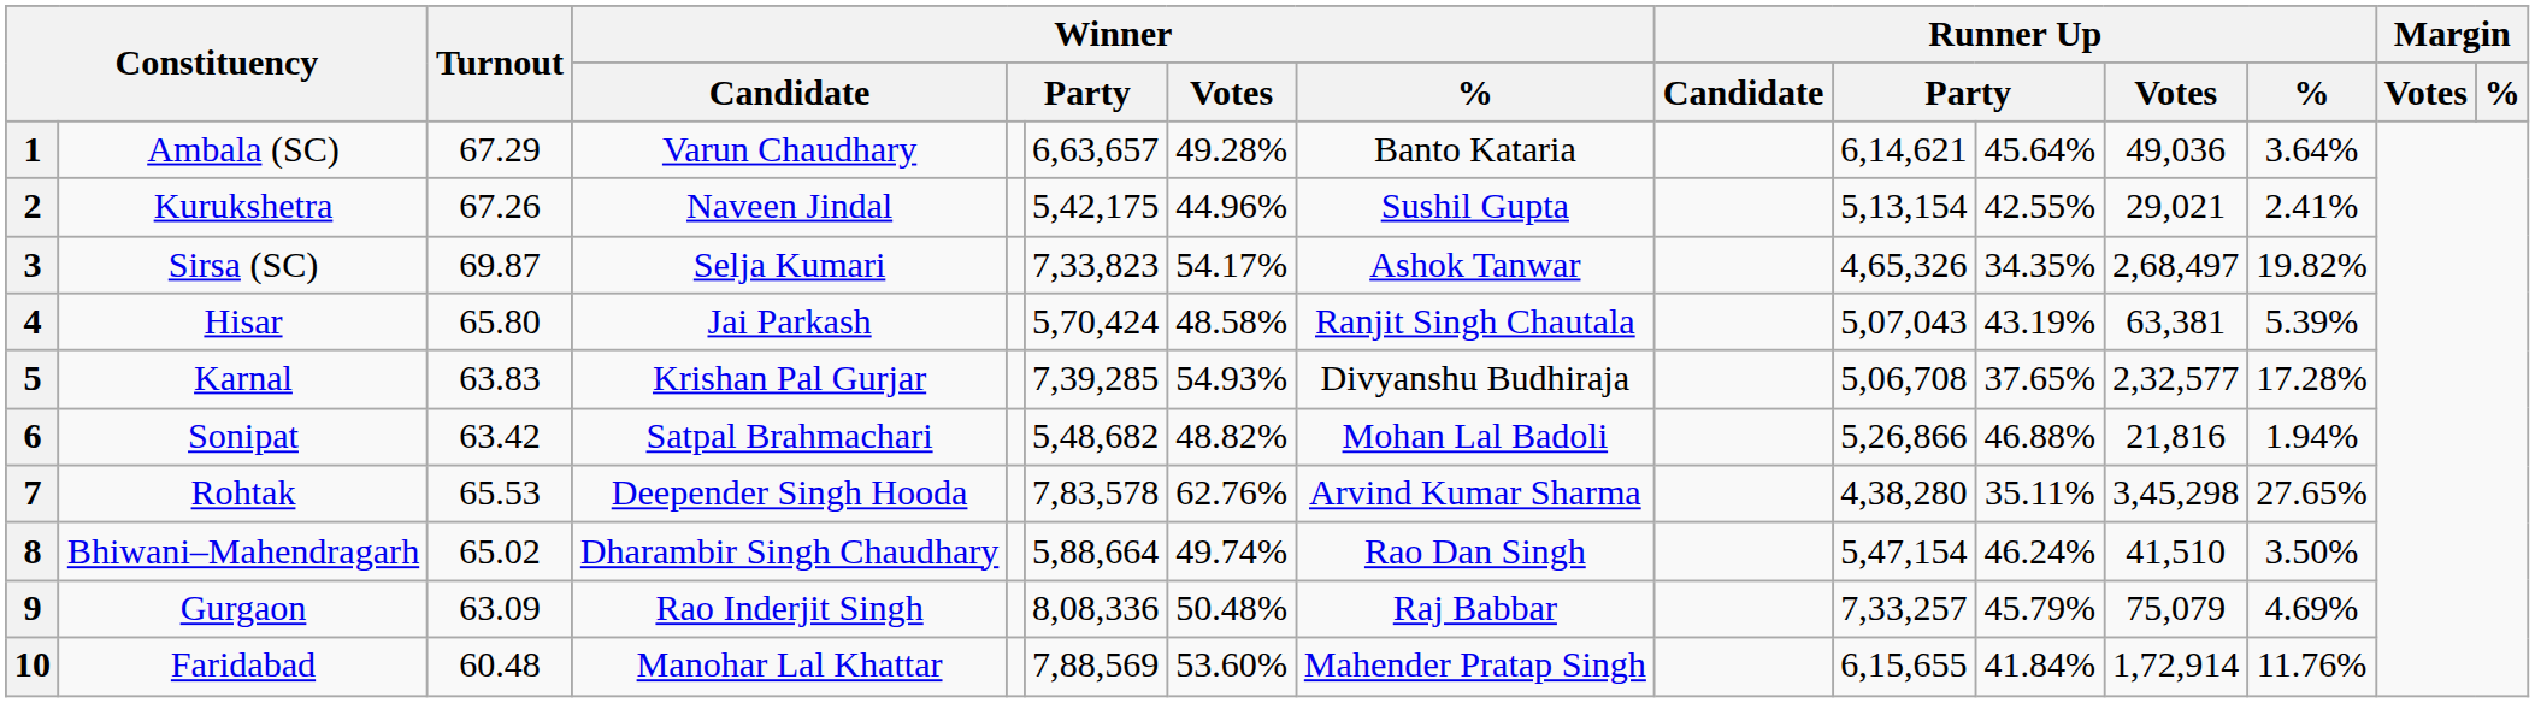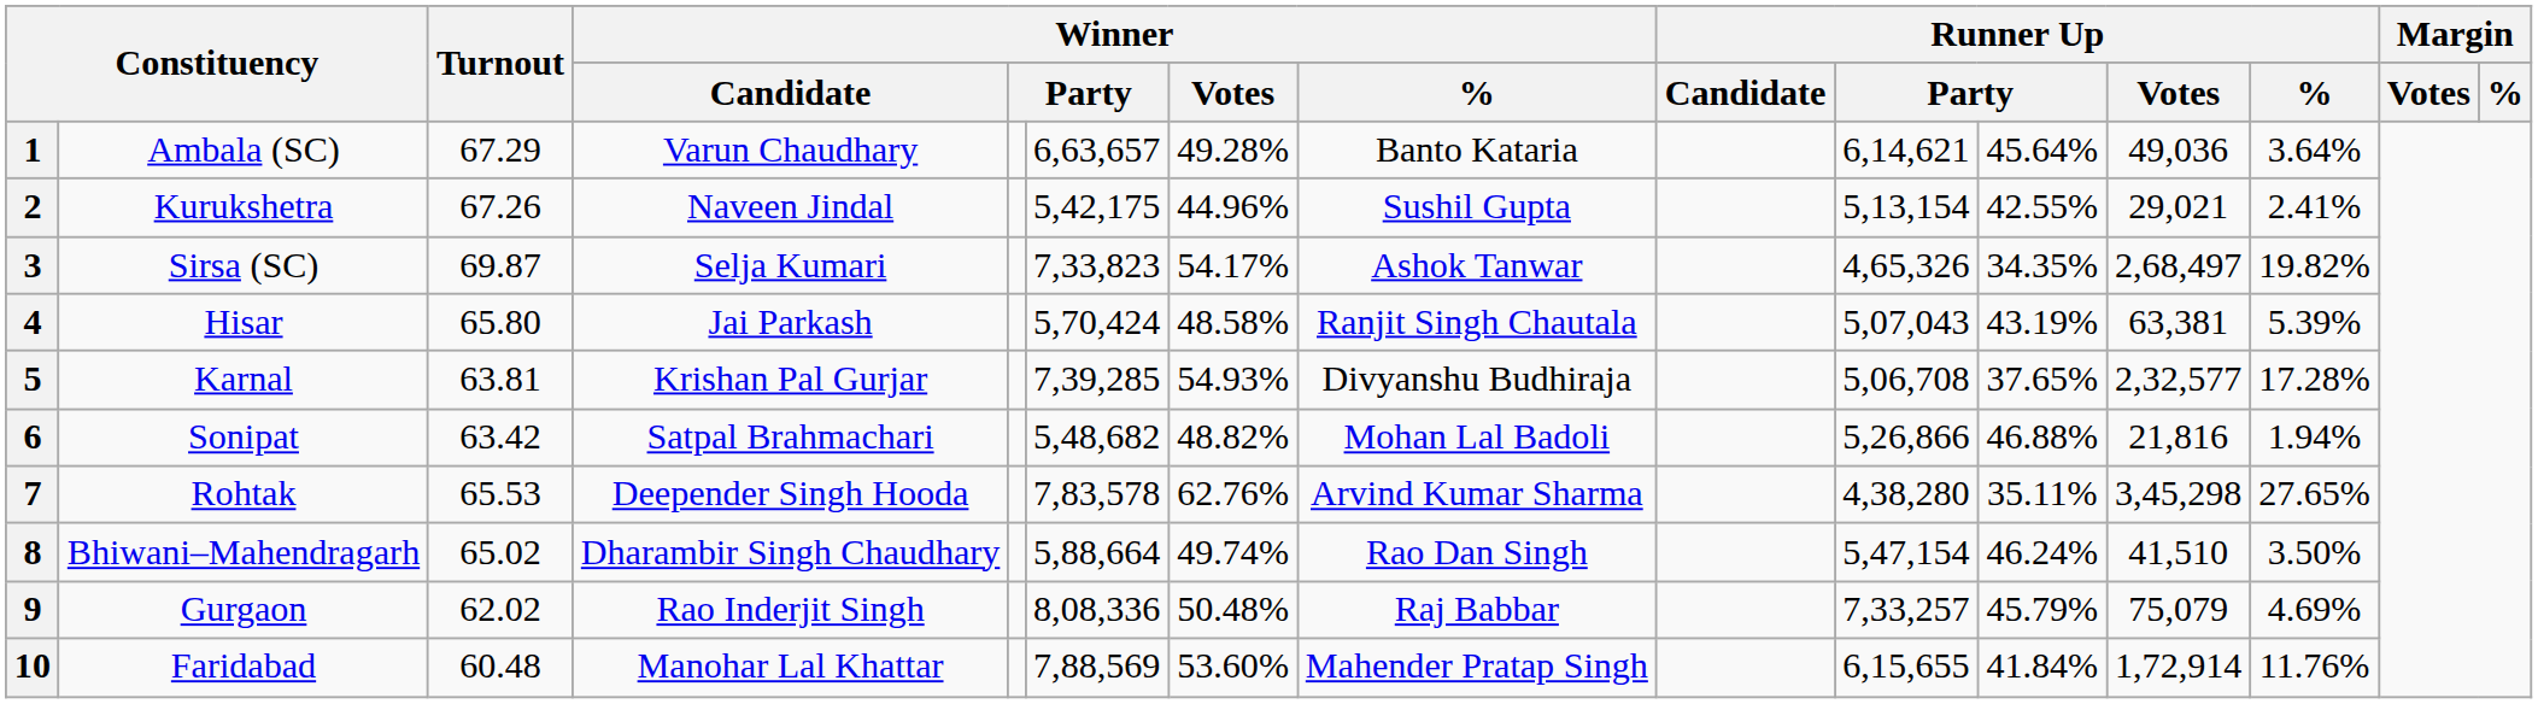 <table class="wikitable sortable" style="text-align:center;">
 <tr>
 <th colspan="2" rowspan="2">Constituency</th>
 <th rowspan="2">Turnout</th>
 <th colspan="5">Winner</th>
 <th colspan="5">Runner Up</th>
 <th colspan="2">Margin</th>
 </tr>
 <tr>
 <th>Candidate</th>
 <th colspan="2">Party</th>
 <th>Votes</th>
 <th>%</th>
 <th>Candidate</th>
 <th colspan="2">Party</th>
 <th>Votes</th>
 <th>%</th>
 <th>Votes</th>
 <th>%</th>
 </tr>
 <tr>
 <th>1</th>
 <td><a href='#'>Ambala</a> (SC)</td>
 <td>67.29 </td>
 <td><a href='#'>Varun Chaudhary</a></td>
 <td></td>
 <td>6,63,657</td>
 <td>49.28%</td>
 <td>Banto Kataria</td>
 <td></td>
 <td>6,14,621</td>
 <td>45.64%</td>
 <td style="background:">49,036</td>
 <td style="background:">3.64%</td>
 </tr>
 <tr>
 <th>2</th>
 <td><a href='#'>Kurukshetra</a></td>
 <td>67.26 </td>
 <td><a href='#'>Naveen Jindal</a></td>
 <td></td>
 <td>5,42,175</td>
 <td>44.96%</td>
 <td><a href='#'>Sushil Gupta</a></td>
 <td></td>
 <td>5,13,154</td>
 <td>42.55%</td>
 <td style="background:">29,021</td>
 <td style="background:">2.41%</td>
 </tr>
 <tr>
 <th>3</th>
 <td><a href='#'>Sirsa</a> (SC)</td>
 <td>69.87 </td>
 <td><a href='#'>Selja Kumari</a></td>
 <td></td>
 <td>7,33,823</td>
 <td>54.17%</td>
 <td><a href='#'>Ashok Tanwar</a></td>
 <td></td>
 <td>4,65,326</td>
 <td>34.35%</td>
 <td style="background:">2,68,497</td>
 <td style="background:">19.82%</td>
 </tr>
 <tr>
 <th>4</th>
 <td><a href='#'>Hisar</a></td>
 <td>65.80 </td>
 <td><a href='#'>Jai Parkash</a></td>
 <td></td>
 <td>5,70,424</td>
 <td>48.58%</td>
 <td><a href='#'>Ranjit Singh Chautala</a></td>
 <td></td>
 <td>5,07,043</td>
 <td>43.19%</td>
 <td style="background:">63,381</td>
 <td style="background:">5.39%</td>
 </tr>
 <tr>
 <th>5</th>
 <td><a href='#'>Karnal</a></td>
-<td>63.83 </td>
+<td>63.81 </td>
 <td><a href='#'>Krishan Pal Gurjar</a></td>
 <td></td>
 <td>7,39,285</td>
 <td>54.93%</td>
 <td>Divyanshu Budhiraja</td>
 <td></td>
 <td>5,06,708</td>
 <td>37.65%</td>
 <td style="background:">2,32,577</td>
 <td style="background:">17.28%</td>
 </tr>
 <tr>
 <th>6</th>
 <td><a href='#'>Sonipat</a></td>
 <td>63.42 </td>
 <td><a href='#'>Satpal Brahmachari</a></td>
 <td></td>
 <td>5,48,682</td>
 <td>48.82%</td>
 <td><a href='#'>Mohan Lal Badoli</a></td>
 <td></td>
 <td>5,26,866</td>
 <td>46.88%</td>
 <td style="background:">21,816</td>
 <td style="background:">1.94%</td>
 </tr>
 <tr>
 <th>7</th>
 <td><a href='#'>Rohtak</a></td>
 <td>65.53 </td>
 <td><a href='#'>Deepender Singh Hooda</a></td>
 <td></td>
 <td>7,83,578</td>
 <td>62.76%</td>
 <td><a href='#'>Arvind Kumar Sharma</a></td>
 <td></td>
 <td>4,38,280</td>
 <td>35.11%</td>
 <td style="background:">3,45,298</td>
 <td style="background:">27.65%</td>
 </tr>
 <tr>
 <th>8</th>
 <td><a href='#'>Bhiwani–Mahendragarh</a></td>
 <td>65.02 </td>
 <td><a href='#'>Dharambir Singh Chaudhary</a></td>
 <td></td>
 <td>5,88,664</td>
 <td>49.74%</td>
 <td><a href='#'>Rao Dan Singh</a></td>
 <td></td>
 <td>5,47,154</td>
 <td>46.24%</td>
 <td style="background:">41,510</td>
 <td style="background:">3.50%</td>
 </tr>
 <tr>
 <th>9</th>
 <td><a href='#'>Gurgaon</a></td>
-<td>63.09 </td>
+<td>62.02 </td>
 <td><a href='#'>Rao Inderjit Singh</a></td>
 <td></td>
 <td>8,08,336</td>
 <td>50.48%</td>
 <td><a href='#'>Raj Babbar</a></td>
 <td></td>
 <td>7,33,257</td>
 <td>45.79%</td>
 <td style="background:">75,079</td>
 <td style="background:">4.69%</td>
 </tr>
 <tr>
 <th>10</th>
 <td><a href='#'>Faridabad</a></td>
 <td>60.48 </td>
 <td><a href='#'>Manohar Lal Khattar</a></td>
 <td></td>
 <td>7,88,569</td>
 <td>53.60%</td>
 <td><a href='#'>Mahender Pratap Singh</a></td>
 <td></td>
 <td>6,15,655</td>
 <td>41.84%</td>
 <td style="background:">1,72,914</td>
 <td style="background:">11.76%</td>
 </tr>
 </table>
